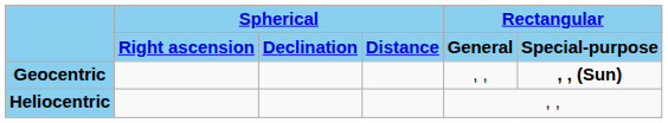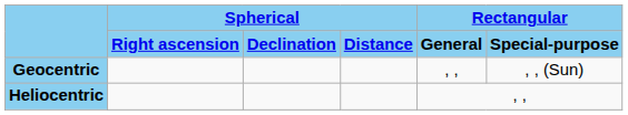 <table class="wikitable floatright" style="text-align:center;">
 <tr>
 <th rowspan="2" style="background:#89cff0;"> </th>
 <th colspan="3" style="text-align:center; background:#89cff0;"><a href='#'>Spherical</a></th>
 <th colspan="2" style="text-align:center; background:#89cff0;"><a href='#'>Rectangular</a></th>
 </tr>
 <tr>
 <th style="background:#89cff0;"><a href='#'>Right ascension</a></th>
 <th style="background:#89cff0;"><a href='#'>Declination</a></th>
 <th style="background:#89cff0;"><a href='#'>Distance</a></th>
 <th style="background:#89cff0;">General</th>
 <th style="background:#89cff0;">Special-purpose</th>
 </tr>
 <tr>
 <th style="background:#89cff0;">Geocentric</th>
 <td></td>
 <td></td>
 <td></td>
 <td>, , </td>
-<td><strong>, ,  (Sun)</strong></td>
+<td>, ,  (Sun)</td>
 </tr>
 <tr style="text-align:center;">
 <th style="background:#89cff0;">Heliocentric</th>
 <td> </td>
 <td> </td>
 <td> </td>
 <td colspan=2>, , </td>
 </tr>
 </table>
